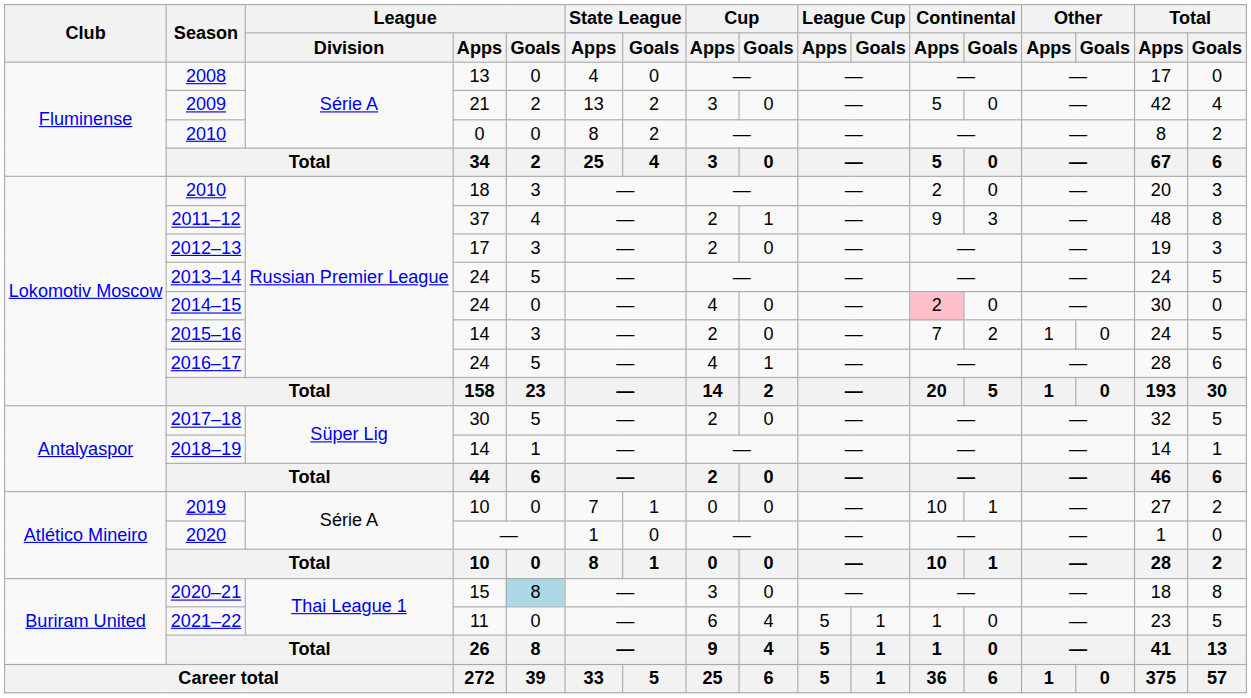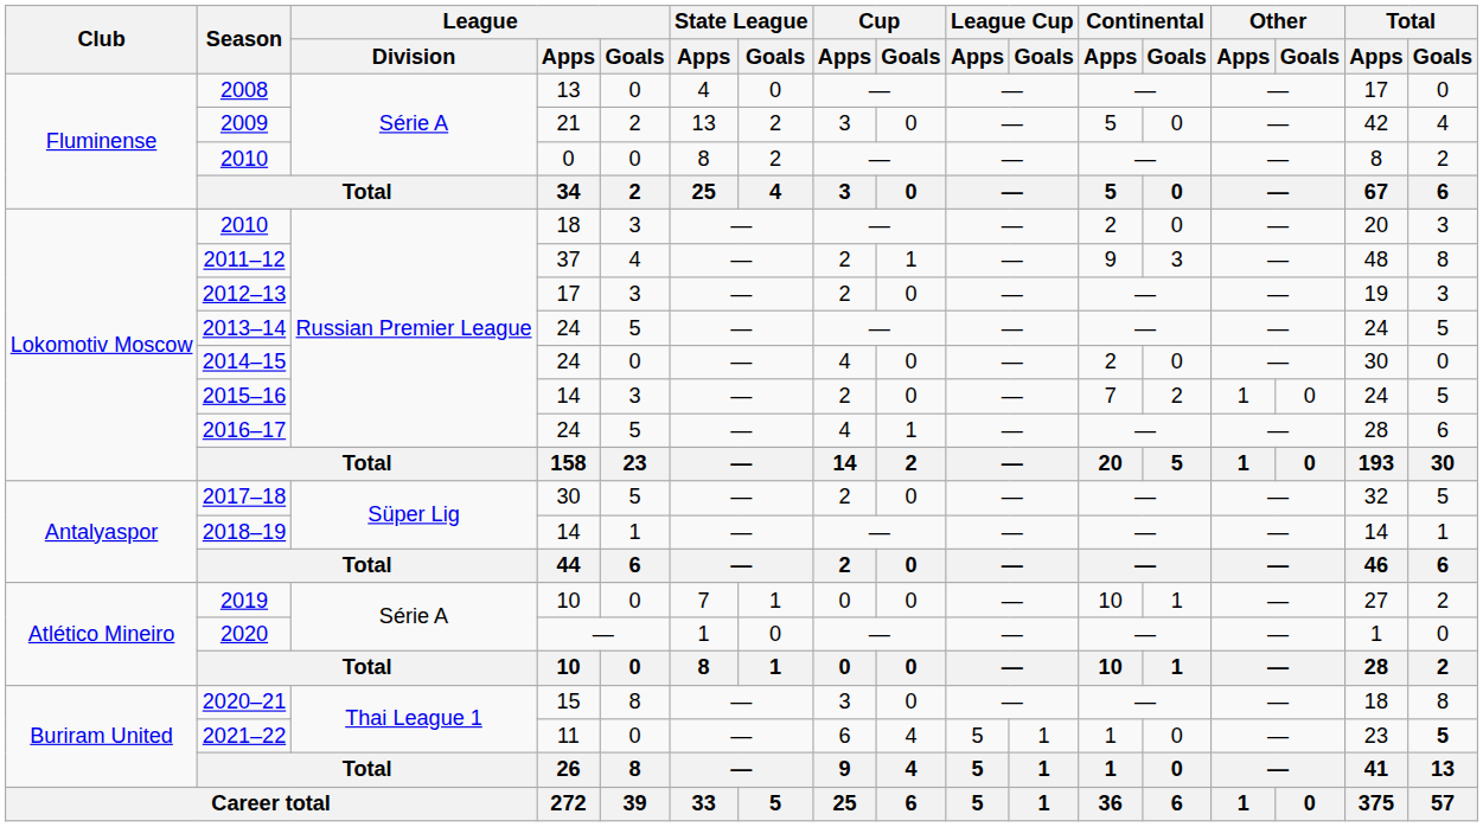 <table class="wikitable" style="text-align:center">
 <tr>
 <th rowspan="2">Club</th>
 <th rowspan="2">Season</th>
 <th colspan="3">League</th>
 <th colspan="2">State League</th>
 <th colspan="2">Cup</th>
 <th colspan="2">League Cup</th>
 <th colspan="2">Continental</th>
 <th colspan="2">Other</th>
 <th colspan="2">Total</th>
 </tr>
 <tr>
 <th>Division</th>
 <th>Apps</th>
 <th>Goals</th>
 <th>Apps</th>
 <th>Goals</th>
 <th>Apps</th>
 <th>Goals</th>
 <th>Apps</th>
 <th>Goals</th>
 <th>Apps</th>
 <th>Goals</th>
 <th>Apps</th>
 <th>Goals</th>
 <th>Apps</th>
 <th>Goals</th>
 </tr>
 <tr>
 <td rowspan="4"><a href='#'>Fluminense</a></td>
 <td><a href='#'>2008</a></td>
 <td rowspan="3"><a href='#'>Série A</a></td>
 <td>13</td>
 <td>0</td>
 <td>4</td>
 <td>0</td>
 <td colspan="2">—</td>
 <td colspan="2">—</td>
 <td colspan="2">—</td>
 <td colspan="2">—</td>
 <td>17</td>
 <td>0</td>
 </tr>
 <tr>
 <td><a href='#'>2009</a></td>
 <td>21</td>
 <td>2</td>
 <td>13</td>
 <td>2</td>
 <td>3</td>
 <td>0</td>
 <td colspan="2">—</td>
 <td>5</td>
 <td>0</td>
 <td colspan="2">—</td>
 <td>42</td>
 <td>4</td>
 </tr>
 <tr>
 <td><a href='#'>2010</a></td>
 <td>0</td>
 <td>0</td>
 <td>8</td>
 <td>2</td>
 <td colspan="2">—</td>
 <td colspan="2">—</td>
 <td colspan="2">—</td>
 <td colspan="2">—</td>
 <td>8</td>
 <td>2</td>
 </tr>
 <tr>
 <th colspan="2">Total</th>
 <th>34</th>
 <th>2</th>
 <th>25</th>
 <th>4</th>
 <th>3</th>
 <th>0</th>
 <th colspan="2">—</th>
 <th>5</th>
 <th>0</th>
 <th colspan="2">—</th>
 <th>67</th>
 <th>6</th>
 </tr>
 <tr>
 <td rowspan="8"><a href='#'>Lokomotiv Moscow</a></td>
 <td><a href='#'>2010</a></td>
 <td rowspan="7"><a href='#'>Russian Premier League</a></td>
 <td>18</td>
 <td>3</td>
 <td colspan="2">—</td>
 <td colspan="2">—</td>
 <td colspan="2">—</td>
 <td>2</td>
 <td>0</td>
 <td colspan="2">—</td>
 <td>20</td>
 <td>3</td>
 </tr>
 <tr>
 <td><a href='#'>2011–12</a></td>
 <td>37</td>
 <td>4</td>
 <td colspan="2">—</td>
 <td>2</td>
 <td>1</td>
 <td colspan="2">—</td>
 <td>9</td>
 <td>3</td>
 <td colspan="2">—</td>
 <td>48</td>
 <td>8</td>
 </tr>
 <tr>
 <td><a href='#'>2012–13</a></td>
 <td>17</td>
 <td>3</td>
 <td colspan="2">—</td>
 <td>2</td>
 <td>0</td>
 <td colspan="2">—</td>
 <td colspan="2">—</td>
 <td colspan="2">—</td>
 <td>19</td>
 <td>3</td>
 </tr>
 <tr>
 <td><a href='#'>2013–14</a></td>
 <td>24</td>
 <td>5</td>
 <td colspan="2">—</td>
 <td colspan="2">—</td>
 <td colspan="2">—</td>
 <td colspan="2">—</td>
 <td colspan="2">—</td>
 <td>24</td>
 <td>5</td>
 </tr>
 <tr>
 <td><a href='#'>2014–15</a></td>
 <td>24</td>
 <td>0</td>
 <td colspan="2">—</td>
 <td>4</td>
 <td>0</td>
 <td colspan="2">—</td>
-<td style="background: pink;">2</td>
+<td>2</td>
 <td>0</td>
 <td colspan="2">—</td>
 <td>30</td>
 <td>0</td>
 </tr>
 <tr>
 <td><a href='#'>2015–16</a></td>
 <td>14</td>
 <td>3</td>
 <td colspan="2">—</td>
 <td>2</td>
 <td>0</td>
 <td colspan="2">—</td>
 <td>7</td>
 <td>2</td>
 <td>1</td>
 <td>0</td>
 <td>24</td>
 <td>5</td>
 </tr>
 <tr>
 <td><a href='#'>2016–17</a></td>
 <td>24</td>
 <td>5</td>
 <td colspan="2">—</td>
 <td>4</td>
 <td>1</td>
 <td colspan="2">—</td>
 <td colspan="2">—</td>
 <td colspan="2">—</td>
 <td>28</td>
 <td>6</td>
 </tr>
 <tr>
 <th colspan="2">Total</th>
 <th>158</th>
 <th>23</th>
 <th colspan="2">—</th>
 <th>14</th>
 <th>2</th>
 <th colspan="2">—</th>
 <th>20</th>
 <th>5</th>
 <th>1</th>
 <th>0</th>
 <th>193</th>
 <th>30</th>
 </tr>
 <tr>
 <td rowspan="3"><a href='#'>Antalyaspor</a></td>
 <td><a href='#'>2017–18</a></td>
 <td rowspan="2"><a href='#'>Süper Lig</a></td>
 <td>30</td>
 <td>5</td>
 <td colspan="2">—</td>
 <td>2</td>
 <td>0</td>
 <td colspan="2">—</td>
 <td colspan="2">—</td>
 <td colspan="2">—</td>
 <td>32</td>
 <td>5</td>
 </tr>
 <tr>
 <td><a href='#'>2018–19</a></td>
 <td>14</td>
 <td>1</td>
 <td colspan="2">—</td>
 <td colspan="2">—</td>
 <td colspan="2">—</td>
 <td colspan="2">—</td>
 <td colspan="2">—</td>
 <td>14</td>
 <td>1</td>
 </tr>
 <tr>
 <th colspan="2">Total</th>
 <th>44</th>
 <th>6</th>
 <th colspan="2">—</th>
 <th>2</th>
 <th>0</th>
 <th colspan="2">—</th>
 <th colspan="2">—</th>
 <th colspan="2">—</th>
 <th>46</th>
 <th>6</th>
 </tr>
 <tr>
 <td rowspan="3"><a href='#'>Atlético Mineiro</a></td>
 <td><a href='#'>2019</a></td>
 <td rowspan="2">Série A</td>
 <td>10</td>
 <td>0</td>
 <td>7</td>
 <td>1</td>
 <td>0</td>
 <td>0</td>
 <td colspan="2">—</td>
 <td>10</td>
 <td>1</td>
 <td colspan="2">—</td>
 <td>27</td>
 <td>2</td>
 </tr>
 <tr>
 <td><a href='#'>2020</a></td>
 <td colspan="2">—</td>
 <td>1</td>
 <td>0</td>
 <td colspan="2">—</td>
 <td colspan="2">—</td>
 <td colspan="2">—</td>
 <td colspan="2">—</td>
 <td>1</td>
 <td>0</td>
 </tr>
 <tr>
 <th colspan="2">Total</th>
 <th>10</th>
 <th>0</th>
 <th>8</th>
 <th>1</th>
 <th>0</th>
 <th>0</th>
 <th colspan="2">—</th>
 <th>10</th>
 <th>1</th>
 <th colspan="2">—</th>
 <th>28</th>
 <th>2</th>
 </tr>
 <tr>
 <td rowspan="3"><a href='#'>Buriram United</a></td>
 <td><a href='#'>2020–21</a></td>
 <td rowspan="2"><a href='#'>Thai League 1</a></td>
 <td>15</td>
-<td style="background: lightblue;">8</td>
+<td>8</td>
 <td colspan="2">—</td>
 <td>3</td>
 <td>0</td>
 <td colspan="2">—</td>
 <td colspan="2">—</td>
 <td colspan="2">—</td>
 <td>18</td>
 <td>8</td>
 </tr>
 <tr>
 <td><a href='#'>2021–22</a></td>
 <td>11</td>
 <td>0</td>
 <td colspan="2">—</td>
 <td>6</td>
 <td>4</td>
 <td>5</td>
 <td>1</td>
 <td>1</td>
 <td>0</td>
 <td colspan="2">—</td>
 <td>23</td>
-<td>5</td>
+<td><strong>5</strong></td>
 </tr>
 <tr>
 <th colspan="2">Total</th>
 <th>26</th>
 <th>8</th>
 <th colspan="2">—</th>
 <th>9</th>
 <th>4</th>
 <th>5</th>
 <th>1</th>
 <th>1</th>
 <th>0</th>
 <th colspan="2">—</th>
 <th>41</th>
 <th>13</th>
 </tr>
 <tr>
 <th colspan="3">Career total</th>
 <th>272</th>
 <th>39</th>
 <th>33</th>
 <th>5</th>
 <th>25</th>
 <th>6</th>
 <th>5</th>
 <th>1</th>
 <th>36</th>
 <th>6</th>
 <th>1</th>
 <th>0</th>
 <th>375</th>
 <th>57</th>
 </tr>
 </table>
